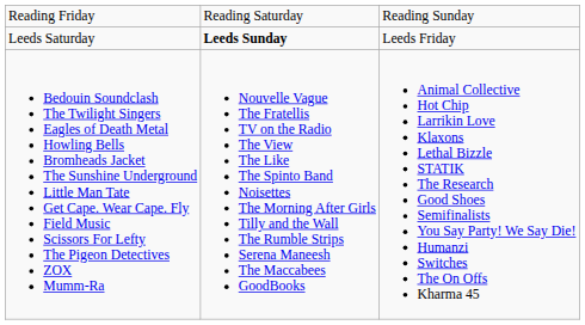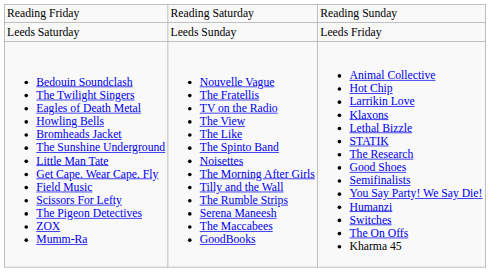 <table class="wikitable">
 <tr>
 <td>Reading Friday</td>
 <td>Reading Saturday</td>
 <td>Reading Sunday</td>
 </tr>
 <tr>
 <td>Leeds Saturday</td>
-<td><strong>Leeds Sunday</strong></td>
+<td>Leeds Sunday</td>
 <td>Leeds Friday</td>
 </tr>
 <tr>
 <td><br><ul><li><a href='#'>Bedouin Soundclash</a></li><li><a href='#'>The Twilight Singers</a></li><li><a href='#'>Eagles of Death Metal</a></li><li><a href='#'>Howling Bells</a></li><li><a href='#'>Bromheads Jacket</a></li><li><a href='#'>The Sunshine Underground</a></li><li><a href='#'>Little Man Tate</a></li><li><a href='#'>Get Cape. Wear Cape. Fly</a></li><li><a href='#'>Field Music</a></li><li><a href='#'>Scissors For Lefty</a></li><li><a href='#'>The Pigeon Detectives</a></li><li><a href='#'>ZOX</a></li><li><a href='#'>Mumm-Ra</a></li></ul></td>
 <td><br><ul><li><a href='#'>Nouvelle Vague</a></li><li><a href='#'>The Fratellis</a></li><li><a href='#'>TV on the Radio</a></li><li><a href='#'>The View</a></li><li><a href='#'>The Like</a></li><li><a href='#'>The Spinto Band</a></li><li><a href='#'>Noisettes</a></li><li><a href='#'>The Morning After Girls</a></li><li><a href='#'>Tilly and the Wall</a></li><li><a href='#'>The Rumble Strips</a></li><li><a href='#'>Serena Maneesh</a></li><li><a href='#'>The Maccabees</a></li><li><a href='#'>GoodBooks</a></li></ul></td>
 <td><br><ul><li><a href='#'>Animal Collective</a></li><li><a href='#'>Hot Chip</a></li><li><a href='#'>Larrikin Love</a></li><li><a href='#'>Klaxons</a></li><li><a href='#'>Lethal Bizzle</a></li><li><a href='#'>STATIK</a></li><li><a href='#'>The Research</a></li><li><a href='#'>Good Shoes</a></li><li><a href='#'>Semifinalists</a></li><li><a href='#'>You Say Party! We Say Die!</a></li><li><a href='#'>Humanzi</a></li><li><a href='#'>Switches</a></li><li><a href='#'>The On Offs</a></li><li>Kharma 45</li></ul></td>
 </tr>
 </table>
